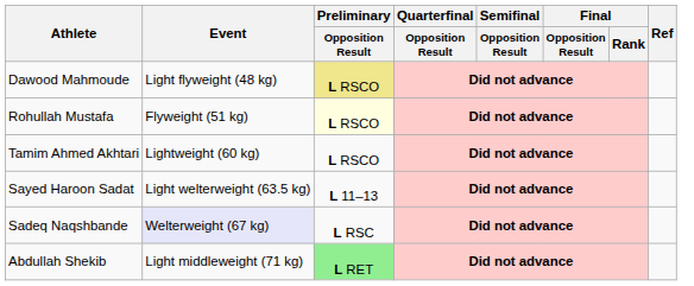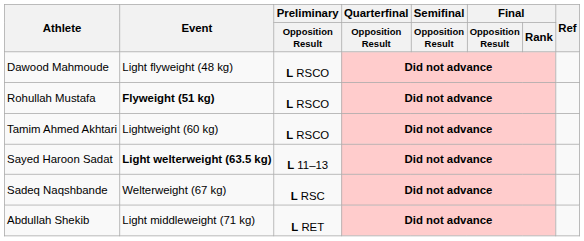 <table class=wikitable style="font-size:90%">
 <tr>
 <th rowspan="2">Athlete</th>
 <th rowspan="2">Event</th>
 <th>Preliminary</th>
 <th>Quarterfinal</th>
 <th>Semifinal</th>
 <th colspan="2">Final</th>
 <th rowspan="2">Ref</th>
 </tr>
 <tr>
 <th style="line-height:1em"><small>Opposition<br>Result</small></th>
 <th style="line-height:1em"><small>Opposition<br>Result</small></th>
 <th style="line-height:1em"><small>Opposition<br>Result</small></th>
 <th style="line-height:1em"><small>Opposition<br>Result</small></th>
 <th>Rank</th>
 </tr>
 <tr>
 <td>Dawood Mahmoude</td>
 <td>Light flyweight (48 kg)</td>
-<td align="center" style="background: khaki;"><br><strong>L</strong> RSCO</td>
+<td align="center"><br><strong>L</strong> RSCO</td>
 <td align=center colspan=4 bgcolor="#ffcccc"><strong>Did not advance</strong></td>
 <td align="center"></td>
 </tr>
 <tr>
 <td>Rohullah Mustafa</td>
-<td>Flyweight (51 kg)</td>
-<td align="center" style="background: lightyellow;"><br><strong>L</strong> RSCO</td>
+<td><strong>Flyweight (51 kg)</strong></td>
+<td align="center"><br><strong>L</strong> RSCO</td>
 <td align=center colspan=4 bgcolor="#ffcccc"><strong>Did not advance</strong></td>
 <td align="center"></td>
 </tr>
 <tr>
 <td>Tamim Ahmed Akhtari</td>
 <td>Lightweight (60 kg)</td>
 <td align="center"><br><strong>L</strong> RSCO</td>
 <td align=center colspan=4 bgcolor="#ffcccc"><strong>Did not advance</strong></td>
 <td align="center"></td>
 </tr>
 <tr>
 <td>Sayed Haroon Sadat</td>
-<td>Light welterweight (63.5 kg)</td>
+<td><strong>Light welterweight (63.5 kg)</strong></td>
 <td align="center"><br><strong>L</strong> 11–13</td>
 <td align=center colspan=4 bgcolor="#ffcccc"><strong>Did not advance</strong></td>
 <td align="center"></td>
 </tr>
 <tr>
 <td>Sadeq Naqshbande</td>
-<td style="background: lavender;">Welterweight (67 kg)</td>
+<td>Welterweight (67 kg)</td>
 <td align="center"><br><strong>L</strong> RSC</td>
 <td align=center colspan=4 bgcolor="#ffcccc"><strong>Did not advance</strong></td>
 <td align="center"></td>
 </tr>
 <tr>
 <td>Abdullah Shekib</td>
 <td>Light middleweight (71 kg)</td>
-<td align="center" style="background: lightgreen;"><br><strong>L</strong> RET</td>
+<td align="center"><br><strong>L</strong> RET</td>
 <td align=center colspan=4 bgcolor="#ffcccc"><strong>Did not advance</strong></td>
 <td align="center"></td>
 </tr>
 </table>
